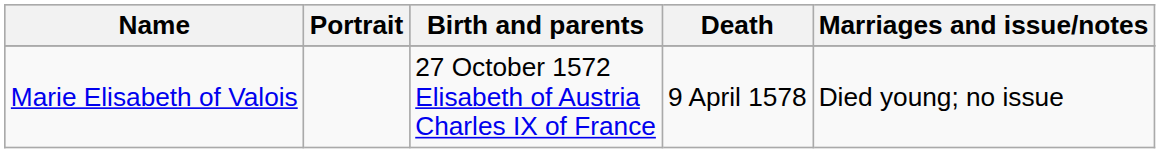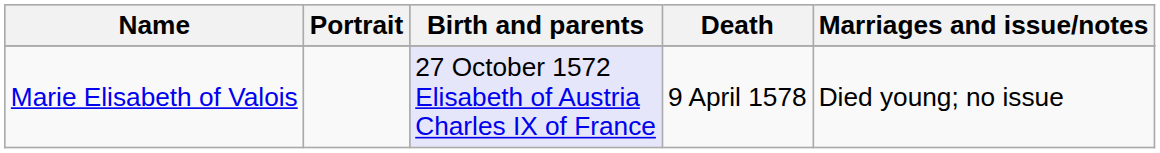 <table class="wikitable">
 <tr ->
 <th>Name</th>
 <th>Portrait</th>
 <th>Birth and parents</th>
 <th>Death</th>
 <th>Marriages and issue/notes</th>
 </tr>
 <tr ->
 </tr>
 <tr>
 <td><a href='#'>Marie Elisabeth of Valois</a></td>
 <td></td>
-<td>27 October 1572<br><a href='#'>Elisabeth of Austria</a><br><a href='#'>Charles IX of France</a></td>
+<td style="background: lavender;">27 October 1572<br><a href='#'>Elisabeth of Austria</a><br><a href='#'>Charles IX of France</a></td>
 <td>9 April 1578</td>
 <td>Died young; no issue</td>
 </tr>
 </table>
